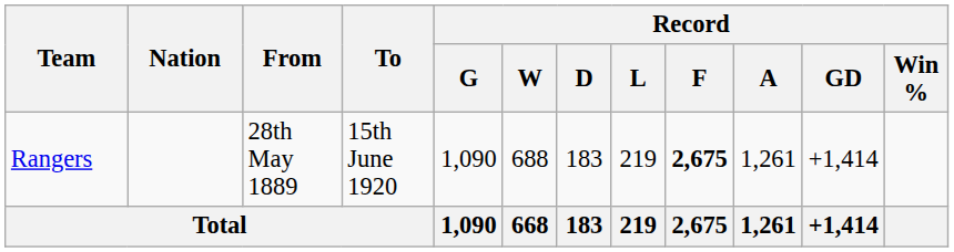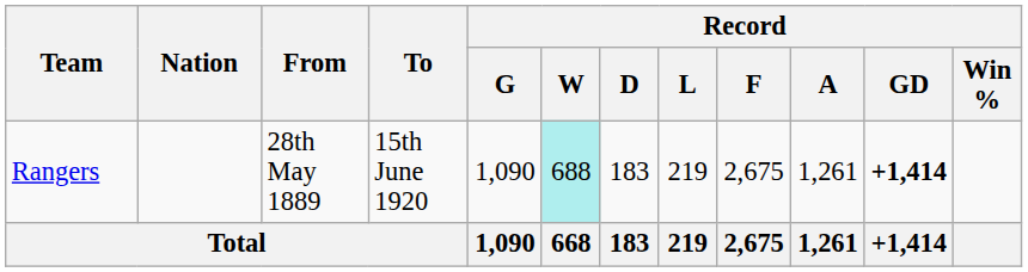 <table class="wikitable" style="text-align: center">
 <tr>
 <th rowspan=2 width=140>Team</th>
 <th rowspan=2 width=140>Nation</th>
 <th rowspan=2 width=125>From</th>
 <th rowspan=2 width=125>To</th>
 <th colspan=8>Record</th>
 </tr>
 <tr>
 <th width=40>G</th>
 <th width=40>W</th>
 <th width=40>D</th>
 <th width=40>L</th>
 <th width=40>F</th>
 <th width=40>A</th>
 <th width=40>GD</th>
 <th width=50>Win %</th>
 </tr>
 <tr>
 <td align="left"><a href='#'>Rangers</a></td>
 <td align="left"></td>
 <td align=left>28th May 1889</td>
 <td align=left>15th June 1920</td>
 <td>1,090</td>
-<td>688</td>
+<td style="background: paleturquoise;">688</td>
 <td>183</td>
 <td>219</td>
-<td><strong>2,675</strong></td>
+<td>2,675</td>
 <td>1,261</td>
-<td>+1,414</td>
+<td><strong>+1,414</strong></td>
 <td></td>
 </tr>
 <tr>
 <th align="center" colspan="4">Total</th>
 <th>1,090</th>
 <th>668</th>
 <th>183</th>
 <th>219</th>
 <th>2,675</th>
 <th>1,261</th>
 <th>+1,414</th>
 <th></th>
 </tr>
 </table>
